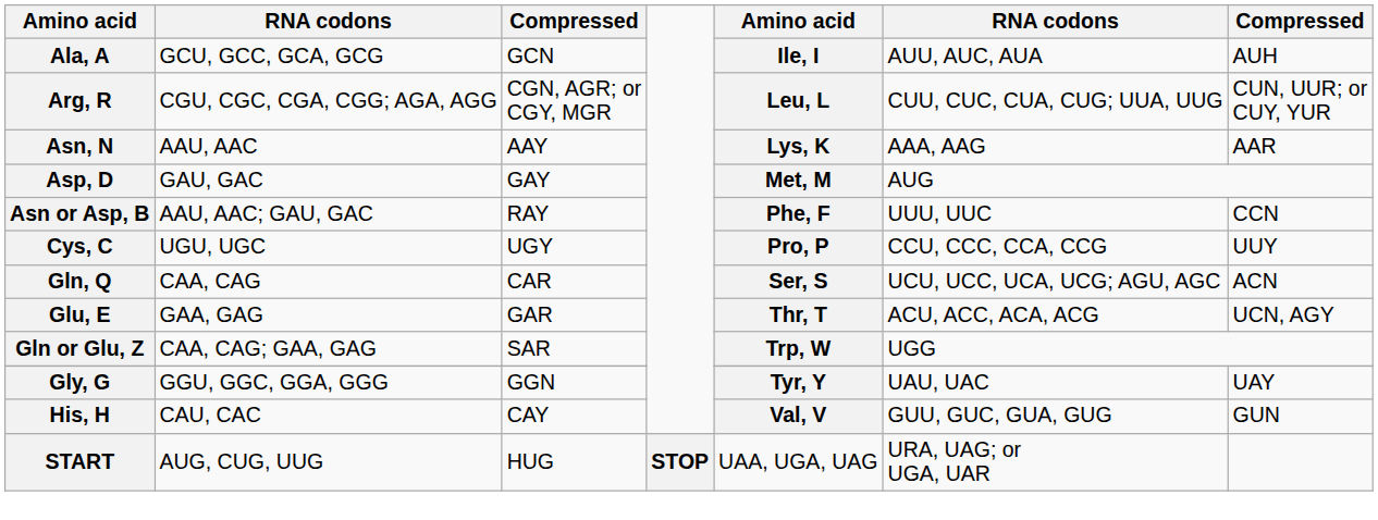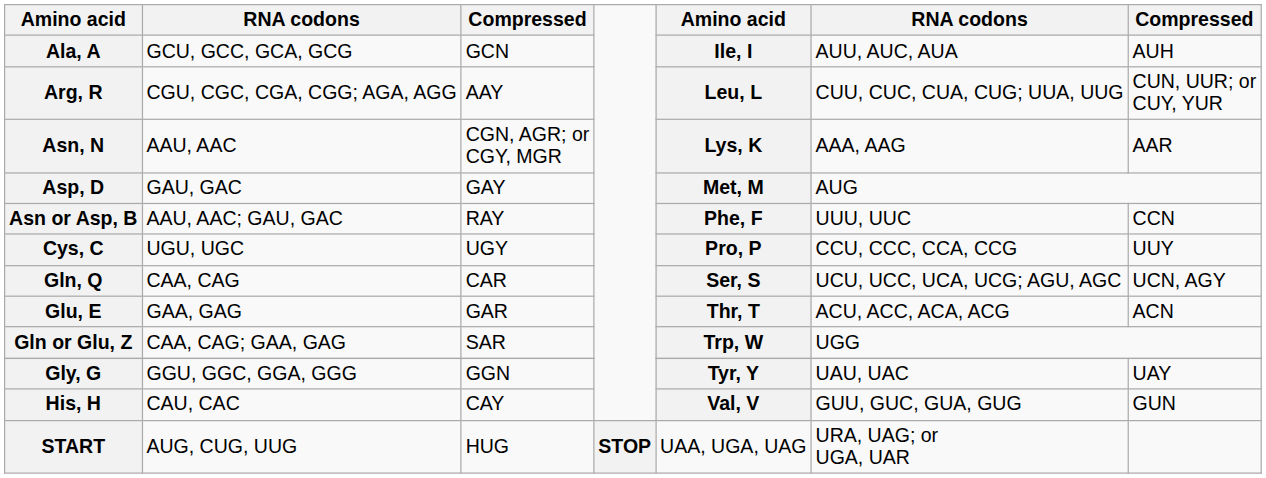 <table class="wikitable" style="vertical-align:top;">
 <tr>
 <th>Amino acid</th>
 <th>RNA codons</th>
 <th>Compressed</th>
 <td rowspan=13></td>
 <th>Amino acid</th>
 <th>RNA codons</th>
 <th>Compressed</th>
 </tr>
 <tr>
 <th style="text-align:center;">Ala, A</th>
 <td>GCU, GCC, GCA, GCG</td>
 <td>GCN</td>
 <th style="text-align:center;">Ile, I</th>
 <td>AUU, AUC, AUA</td>
 <td>AUH</td>
 </tr>
 <tr>
 <th style="text-align:center;">Arg, R</th>
 <td>CGU, CGC, CGA, CGG; AGA, AGG</td>
-<td>CGN, AGR; or<br> CGY, MGR</td>
+<td>AAY</td>
 <th style="text-align:center;">Leu, L</th>
 <td>CUU, CUC, CUA, CUG; UUA, UUG</td>
 <td>CUN, UUR; or <br>CUY, YUR</td>
 </tr>
 <tr>
 <th style="text-align:center;">Asn, N</th>
 <td>AAU, AAC</td>
-<td>AAY</td>
+<td>CGN, AGR; or<br> CGY, MGR</td>
 <th style="text-align:center;">Lys, K</th>
 <td>AAA, AAG</td>
 <td>AAR</td>
 </tr>
 <tr>
 <th style="text-align:center;">Asp, D</th>
 <td>GAU, GAC</td>
 <td>GAY</td>
 <th style="text-align:center;">Met, M</th>
 <td colspan=2>AUG</td>
 </tr>
 <tr>
 <th style="text-align:center;">Asn or Asp, B</th>
 <td>AAU, AAC; GAU, GAC</td>
 <td>RAY</td>
 <th style="text-align:center;">Phe, F</th>
 <td>UUU, UUC</td>
 <td>CCN</td>
 </tr>
 <tr>
 <th style="text-align:center;">Cys, C</th>
 <td>UGU, UGC</td>
 <td>UGY</td>
 <th style="text-align:center;">Pro, P</th>
 <td>CCU, CCC, CCA, CCG</td>
 <td>UUY</td>
 </tr>
 <tr>
 <th style="text-align:center;">Gln, Q</th>
 <td>CAA, CAG</td>
 <td>CAR</td>
 <th style="text-align:center;">Ser, S</th>
 <td>UCU, UCC, UCA, UCG; AGU, AGC</td>
-<td>ACN</td>
+<td>UCN, AGY</td>
 </tr>
 <tr>
 <th style="text-align:center;">Glu, E</th>
 <td>GAA, GAG</td>
 <td>GAR</td>
 <th style="text-align:center;">Thr, T</th>
 <td>ACU, ACC, ACA, ACG</td>
-<td>UCN, AGY</td>
+<td>ACN</td>
 </tr>
 <tr>
 <th style="text-align:center;">Gln or Glu, Z</th>
 <td>CAA, CAG; GAA, GAG</td>
 <td>SAR</td>
 <th style="text-align:center;">Trp, W</th>
 <td colspan=2>UGG</td>
 </tr>
 <tr>
 </tr>
 <tr>
 <th style="text-align:center;">Gly, G</th>
 <td>GGU, GGC, GGA, GGG</td>
 <td>GGN</td>
 <th style="text-align:center;">Tyr, Y</th>
 <td>UAU, UAC</td>
 <td>UAY</td>
 </tr>
 <tr>
 <th style="text-align:center;">His, H</th>
 <td>CAU, CAC</td>
 <td>CAY</td>
 <th style="text-align:center;">Val, V</th>
 <td>GUU, GUC, GUA, GUG</td>
 <td>GUN</td>
 </tr>
 <tr>
 <th style="text-align:center;">START</th>
 <td>AUG, CUG, UUG</td>
 <td>HUG</td>
 <th style="text-align:center;">STOP</th>
 <td>UAA, UGA, UAG</td>
 <td>URA, UAG; or <br>UGA, UAR</td>
 </tr>
 </table>
